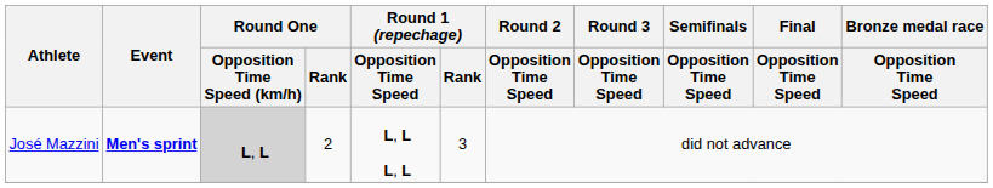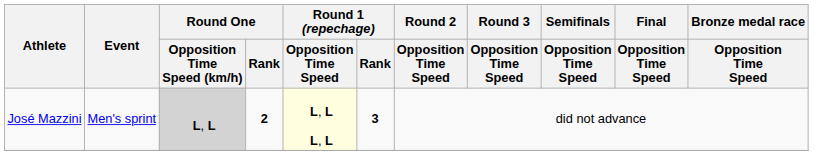 <table class="wikitable" border="1" style="font-size:90%">
 <tr>
 <th rowspan=2>Athlete</th>
 <th rowspan=2>Event</th>
 <th colspan=2>Round One</th>
 <th colspan=2>Round 1<br><em>(repechage)</em></th>
 <th>Round 2</th>
 <th>Round 3</th>
 <th>Semifinals</th>
 <th>Final</th>
 <th>Bronze medal race</th>
 </tr>
 <tr>
 <th>Opposition<br>Time<br>Speed (km/h)</th>
 <th>Rank</th>
 <th>Opposition<br>Time<br>Speed</th>
 <th>Rank</th>
 <th>Opposition<br>Time<br>Speed</th>
 <th>Opposition<br>Time<br>Speed</th>
 <th>Opposition<br>Time<br>Speed</th>
 <th>Opposition<br>Time<br>Speed</th>
 <th>Opposition<br>Time<br>Speed</th>
 </tr>
 <tr>
 <td><a href='#'>José Mazzini</a></td>
-<td><strong><a href='#'>Men's sprint</a></strong></td>
+<td><a href='#'>Men's sprint</a></td>
 <td align=center style="background: lightgrey;"><br> <strong>L</strong>, <strong>L</strong></td>
-<td align=center>2</td>
-<td align=center><br> <strong>L</strong>, <strong>L</strong> <br> <br> <strong>L</strong>, <strong>L</strong></td>
-<td align=center>3</td>
+<td align=center><strong>2</strong></td>
+<td align=center style="background: lightyellow;"><br> <strong>L</strong>, <strong>L</strong> <br> <br> <strong>L</strong>, <strong>L</strong></td>
+<td align=center><strong>3</strong></td>
 <td align=center colspan=7>did not advance</td>
 </tr>
 <tr>
 </tr>
 </table>
